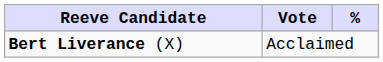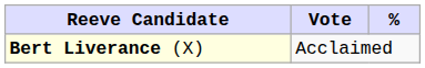 <table class="wikitable">
 <tr>
 <th style="background:#ddf; width:200px;">Reeve Candidate</th>
 <th style="background:#ddf; width:50px;">Vote</th>
 <th style="background:#ddf; width:30px;">%</th>
 </tr>
 <tr>
-<td><strong>Bert Liverance</strong> (X)</td>
+<td style="background: lightyellow;"><strong>Bert Liverance</strong> (X)</td>
 <td colspan="2">Acclaimed</td>
 </tr>
 </table>
